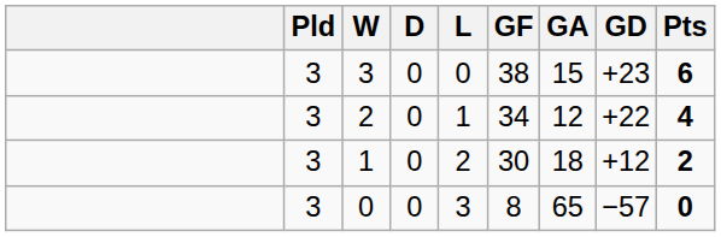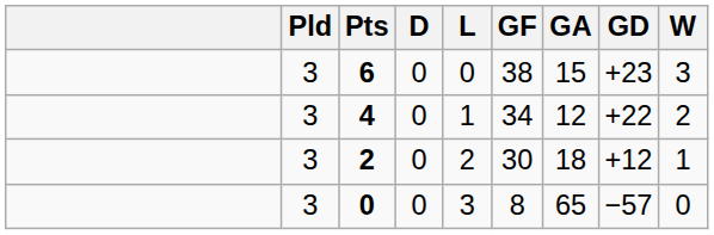 <table class="wikitable" style="text-align:center;">
 <tr>
 <th width=150></th>
 <th width=20>Pld</th>
-<th width=20>W</th>
+<th width=20>Pts</th>
 <th width=20>D</th>
 <th width=20>L</th>
 <th width=20>GF</th>
 <th width=20>GA</th>
 <th width=20>GD</th>
-<th width=20>Pts</th>
+<th width=20>W</th>
 </tr>
 <tr>
 <td align="left"></td>
 <td>3</td>
-<td>3</td>
+<td><strong>6</strong></td>
 <td>0</td>
 <td>0</td>
 <td>38</td>
 <td>15</td>
 <td>+23</td>
-<td><strong>6</strong></td>
+<td>3</td>
 </tr>
 <tr>
 <td align="left"></td>
 <td>3</td>
-<td>2</td>
+<td><strong>4</strong></td>
 <td>0</td>
 <td>1</td>
 <td>34</td>
 <td>12</td>
 <td>+22</td>
-<td><strong>4</strong></td>
+<td>2</td>
 </tr>
 <tr>
 <td align="left"></td>
 <td>3</td>
-<td>1</td>
+<td><strong>2</strong></td>
 <td>0</td>
 <td>2</td>
 <td>30</td>
 <td>18</td>
 <td>+12</td>
-<td><strong>2</strong></td>
+<td>1</td>
 </tr>
 <tr>
 <td align="left"></td>
 <td>3</td>
-<td>0</td>
+<td><strong>0</strong></td>
 <td>0</td>
 <td>3</td>
 <td>8</td>
 <td>65</td>
 <td>−57</td>
-<td><strong>0</strong></td>
+<td>0</td>
 </tr>
 </table>
